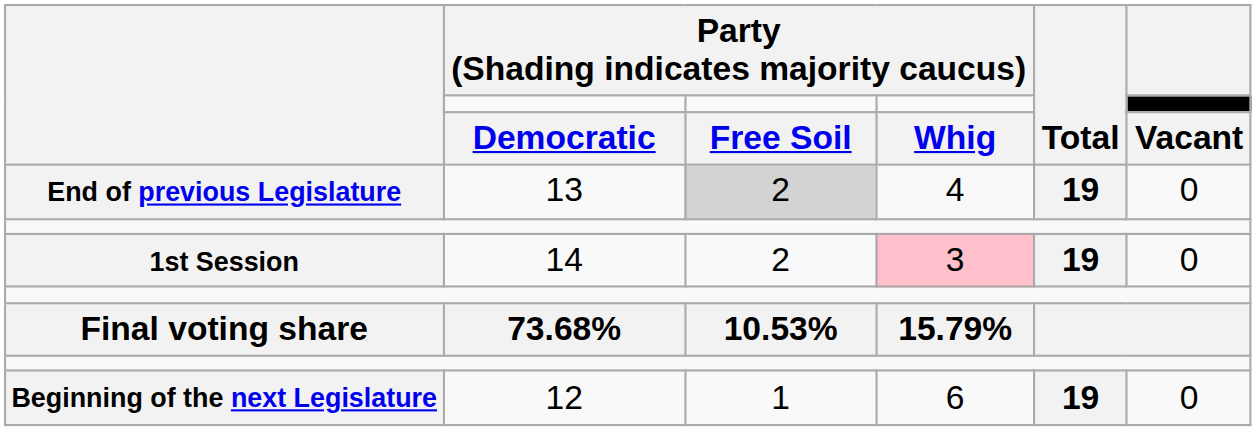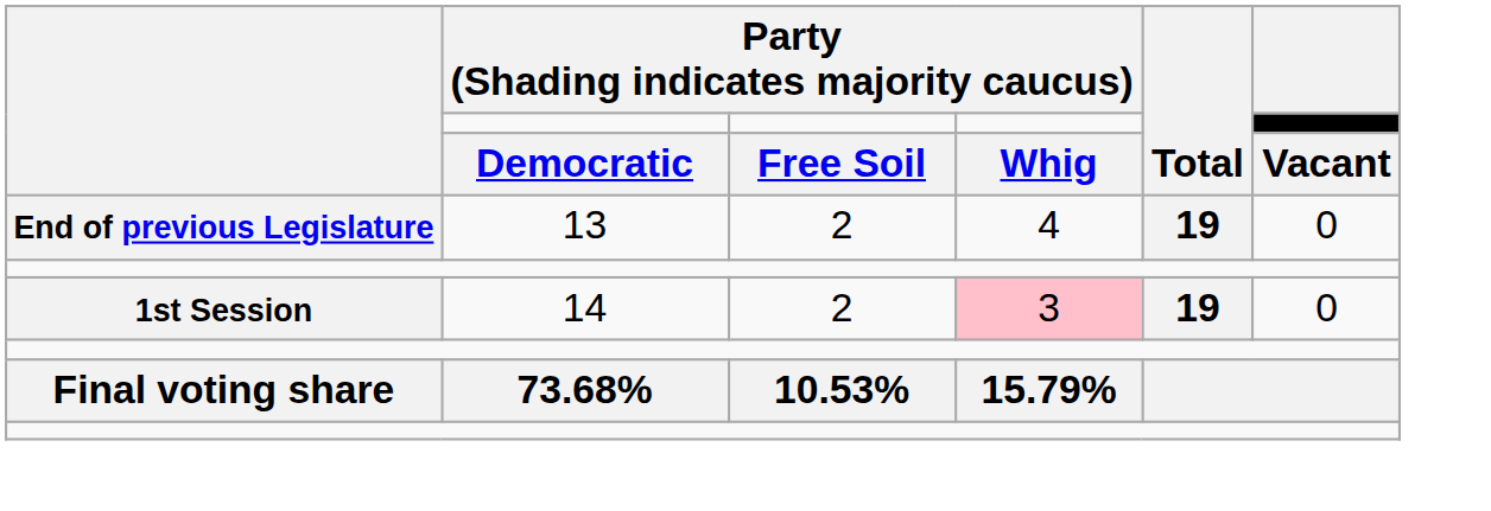 <table class=wikitable style="text-align:center">
 <tr style="vertical-align:bottom;">
 <th rowspan=3></th>
 <th colspan=3>Party <div>(Shading indicates majority caucus)</div></th>
 <th rowspan=3>Total</th>
 <th></th>
 </tr>
 <tr style="height:5px">
 <td style="background-color:"></td>
 <td style="background-color:"></td>
 <td style="background-color:"></td>
 <td style="background:black;"></td>
 </tr>
 <tr>
 <th><a href='#'>Democratic</a></th>
 <th><a href='#'>Free Soil</a></th>
 <th><a href='#'>Whig</a></th>
 <th>Vacant</th>
 </tr>
 <tr>
 <th style="font-size:80%;">End of <a href='#'>previous Legislature</a></th>
 <td>13</td>
-<td style="background: lightgrey;">2</td>
+<td>2</td>
 <td>4</td>
 <th>19</th>
 <td>0</td>
 </tr>
 <tr>
 <td colspan=6></td>
 </tr>
 <tr>
 <th style="font-size:80%;">1st Session</th>
 <td>14</td>
 <td>2</td>
 <td style="background: pink;">3</td>
 <th>19</th>
 <td>0</td>
 </tr>
 <tr>
 <td colspan=6></td>
 </tr>
 <tr>
 <th>Final voting share</th>
 <th>73.68%</th>
 <th>10.53%</th>
 <th>15.79%</th>
 <th colspan=2></th>
 </tr>
 <tr>
 <td colspan=6></td>
 </tr>
-<tr>
-<th style="font-size:80%;">Beginning of the <a href='#'>next Legislature</a></th>
-<td>12</td>
-<td>1</td>
-<td>6</td>
-<th>19</th>
-<td>0</td>
-</tr>
 </table>
